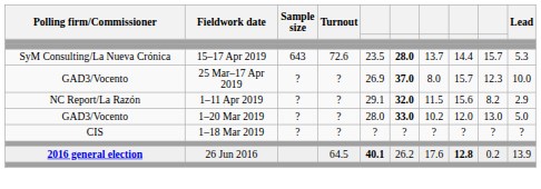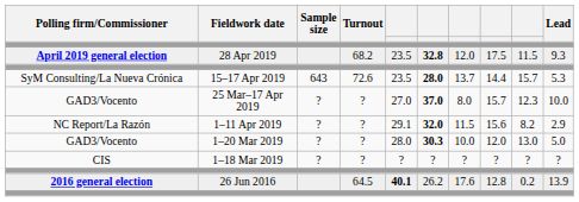 <table class="wikitable collapsible collapsed" style="text-align:center; font-size:95%; line-height:16px;">
 <tr style="height:42px;">
 <th style="width:250px;" rowspan="2">Polling firm/Commissioner</th>
 <th style="width:125px;" rowspan="2">Fieldwork date</th>
 <th style="width:50px;" rowspan="2">Sample size</th>
 <th style="width:45px;" rowspan="2">Turnout</th>
 <th style="width:35px;"></th>
 <th style="width:35px;"></th>
 <th style="width:35px;"></th>
 <th style="width:35px;"></th>
 <th style="width:35px;"></th>
 <th style="width:30px;" rowspan="2">Lead</th>
 </tr>
 <tr>
 <th style="color:inherit;background:"></th>
 <th style="color:inherit;background:"></th>
 <th style="color:inherit;background:"></th>
 <th style="color:inherit;background:"></th>
 <th style="color:inherit;background:"></th>
 </tr>
 <tr>
 <td colspan="10" style="background:#A0A0A0"></td>
 </tr>
+<tr style="background:#EFEFEF;">
+<td><strong><a href='#'>April 2019 general election</a></strong></td>
+<td>28 Apr 2019</td>
+<td></td>
+<td>68.2</td>
+<td>23.5<br></td>
+<td><strong>32.8</strong><br></td>
+<td>12.0<br></td>
+<td>17.5<br></td>
+<td>11.5<br></td>
+<td style="background:">9.3</td>
+</tr>
 <tr>
 <td colspan="10" style="background:#A0A0A0"></td>
 </tr>
 <tr>
 <td>SyM Consulting/La Nueva Crónica</td>
 <td>15–17 Apr 2019</td>
 <td>643</td>
 <td>72.6</td>
 <td>23.5<br></td>
 <td><strong>28.0</strong><br></td>
 <td>13.7<br></td>
 <td>14.4<br></td>
 <td>15.7<br></td>
 <td style="background:">5.3</td>
 </tr>
 <tr>
 <td>GAD3/Vocento</td>
 <td>25 Mar–17 Apr 2019</td>
 <td>?</td>
 <td>?</td>
-<td>26.9<br></td>
+<td>27.0<br></td>
 <td><strong>37.0</strong><br></td>
 <td>8.0<br></td>
 <td>15.7<br></td>
 <td>12.3<br></td>
 <td style="background:">10.0</td>
 </tr>
 <tr>
 <td>NC Report/La Razón</td>
 <td>1–11 Apr 2019</td>
 <td>?</td>
 <td>?</td>
 <td>29.1<br></td>
 <td><strong>32.0</strong><br></td>
 <td>11.5<br></td>
 <td>15.6<br></td>
 <td>8.2<br></td>
 <td style="background:">2.9</td>
 </tr>
 <tr>
 <td>GAD3/Vocento</td>
 <td>1–20 Mar 2019</td>
 <td>?</td>
 <td>?</td>
 <td>28.0<br></td>
-<td><strong>33.0</strong><br></td>
-<td>10.2<br></td>
+<td><strong>30.3</strong><br></td>
+<td>10.0<br></td>
 <td>12.0<br></td>
 <td>13.0<br></td>
 <td style="background:">5.0</td>
 </tr>
 <tr>
 <td>CIS</td>
 <td>1–18 Mar 2019</td>
 <td>?</td>
 <td>?</td>
 <td>?<br></td>
 <td>?<br></td>
 <td>?<br></td>
 <td>?<br></td>
 <td>?<br></td>
 <td style="background:">?</td>
 </tr>
 <tr>
 <td colspan="10" style="background:#A0A0A0"></td>
 </tr>
 <tr style="background:#EFEFEF;">
 <td><strong><a href='#'>2016 general election</a></strong></td>
 <td>26 Jun 2016</td>
 <td></td>
 <td>64.5</td>
 <td><strong>40.1</strong><br></td>
 <td>26.2<br></td>
 <td>17.6<br></td>
-<td><strong>12.8<br></strong></td>
+<td>12.8<br></td>
 <td>0.2<br></td>
 <td style="background:">13.9</td>
 </tr>
 <tr>
 <td colspan="10" style="background:#A0A0A0"></td>
 </tr>
 </table>
